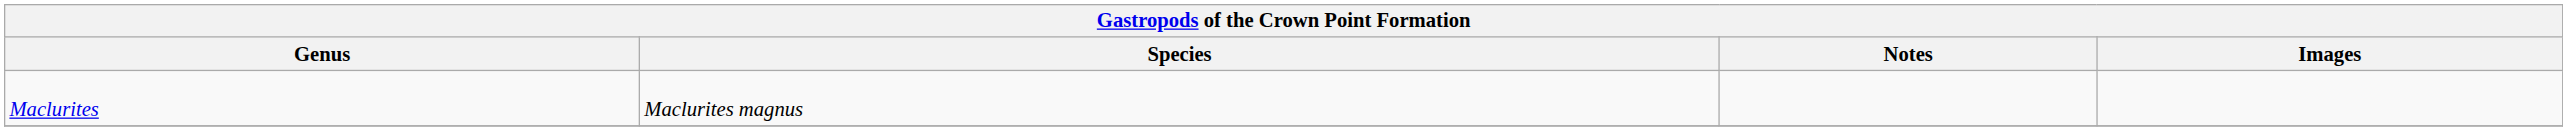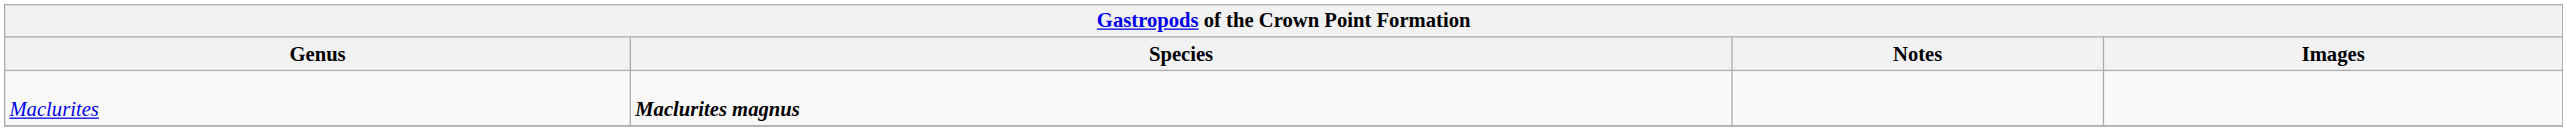 <table class="wikitable" align="center" width="100%">
 <tr>
 <th colspan="7" align="center"><strong><a href='#'>Gastropods</a> of the Crown Point Formation</strong></th>
 </tr>
 <tr>
 <th>Genus</th>
 <th>Species</th>
 <th>Notes</th>
 <th>Images</th>
 </tr>
 <tr>
 <td><br><em><a href='#'>Maclurites</a></em></td>
-<td><br><em>Maclurites magnus</em></td>
+<td><strong><br><em>Maclurites magnus</em></strong></td>
 <td></td>
 <td></td>
 </tr>
 <tr>
 </tr>
 </table>
